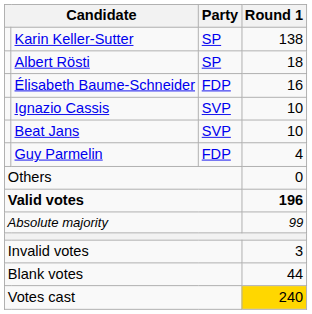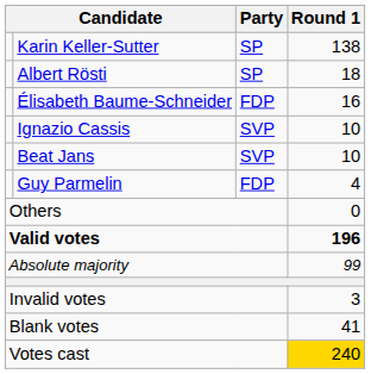 <table class="wikitable" style="text-align:right;">
 <tr>
 <th colspan="2">Candidate</th>
 <th>Party</th>
 <th>Round 1</th>
 </tr>
 <tr>
 <td style="background-color:"></td>
 <td style="text-align:left;"><a href='#'>Karin Keller-Sutter</a></td>
 <td style="text-align:left;"><a href='#'>SP</a></td>
 <td>138</td>
 </tr>
 <tr>
 <td style="background-color:"></td>
 <td style="text-align:left;"><a href='#'>Albert Rösti</a></td>
 <td style="text-align:left;"><a href='#'>SP</a></td>
 <td>18</td>
 </tr>
 <tr>
 <td style="background-color:"></td>
 <td style="text-align:left;"><a href='#'>Élisabeth Baume-Schneider</a></td>
 <td style="text-align:left;"><a href='#'>FDP</a></td>
 <td>16</td>
 </tr>
 <tr>
 <td style="background-color:"></td>
 <td style="text-align:left;"><a href='#'>Ignazio Cassis</a></td>
 <td style="text-align:left;"><a href='#'>SVP</a></td>
 <td>10</td>
 </tr>
 <tr>
 <td style="background-color:"></td>
 <td style="text-align:left;"><a href='#'>Beat Jans</a></td>
 <td style="text-align:left;"><a href='#'>SVP</a></td>
 <td>10</td>
 </tr>
 <tr>
 <td style="background-color:"></td>
 <td style="text-align:left;"><a href='#'>Guy Parmelin</a></td>
 <td style="text-align:left;"><a href='#'>FDP</a></td>
 <td>4</td>
 </tr>
 <tr>
 <td colspan="3" style="text-align:left;">Others</td>
 <td>0</td>
 </tr>
 <tr style="font-weight:bold;">
 <td colspan="3" style="text-align:left;">Valid votes</td>
 <td>196</td>
 </tr>
 <tr style="font-style:italic; font-size:90%;">
 <td colspan="3" style="text-align:left;">Absolute majority</td>
 <td>99</td>
 </tr>
 <tr>
 <th colspan="10"></th>
 </tr>
 <tr>
 <td colspan="3" style="text-align:left;">Invalid votes</td>
 <td>3</td>
 </tr>
 <tr>
 <td colspan="3" style="text-align:left;">Blank votes</td>
-<td>44</td>
+<td>41</td>
 </tr>
 <tr>
 <td colspan="3" style="text-align:left;">Votes cast</td>
 <td style="background: gold;">240</td>
 </tr>
 </table>
